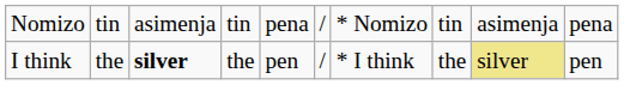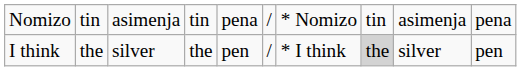 <table class="wikitable" border="1">
 <tr>
 <td>Nomizo</td>
 <td>tin</td>
 <td>asimenja</td>
 <td>tin</td>
 <td>pena</td>
 <td>/</td>
 <td>* Nomizo</td>
 <td>tin</td>
 <td>asimenja</td>
 <td>pena</td>
 </tr>
 <tr>
 <td>I think</td>
 <td>the</td>
-<td><strong>silver</strong></td>
+<td>silver</td>
 <td>the</td>
 <td>pen</td>
 <td>/</td>
 <td>* I think</td>
-<td>the</td>
-<td style="background: khaki;">silver</td>
+<td style="background: lightgrey;">the</td>
+<td>silver</td>
 <td>pen </td>
 </tr>
 </table>
